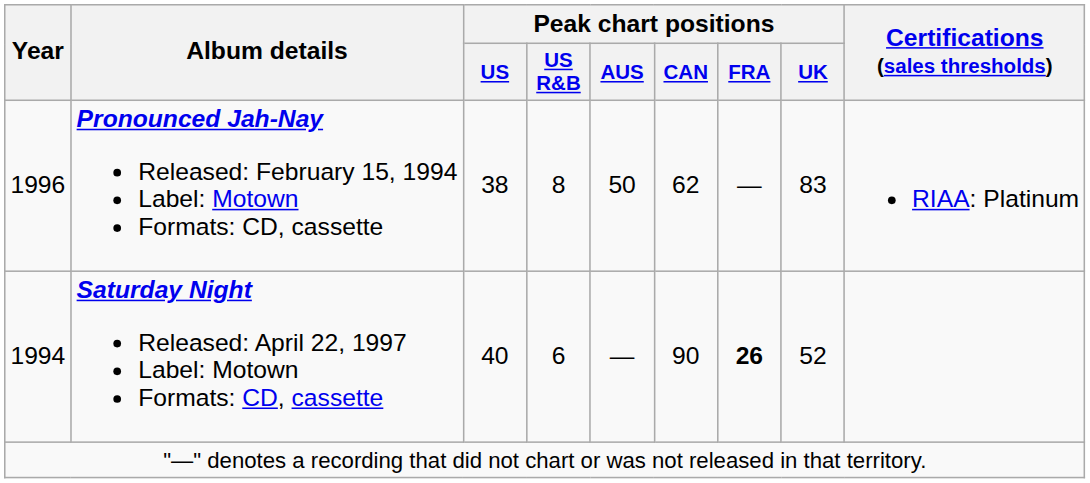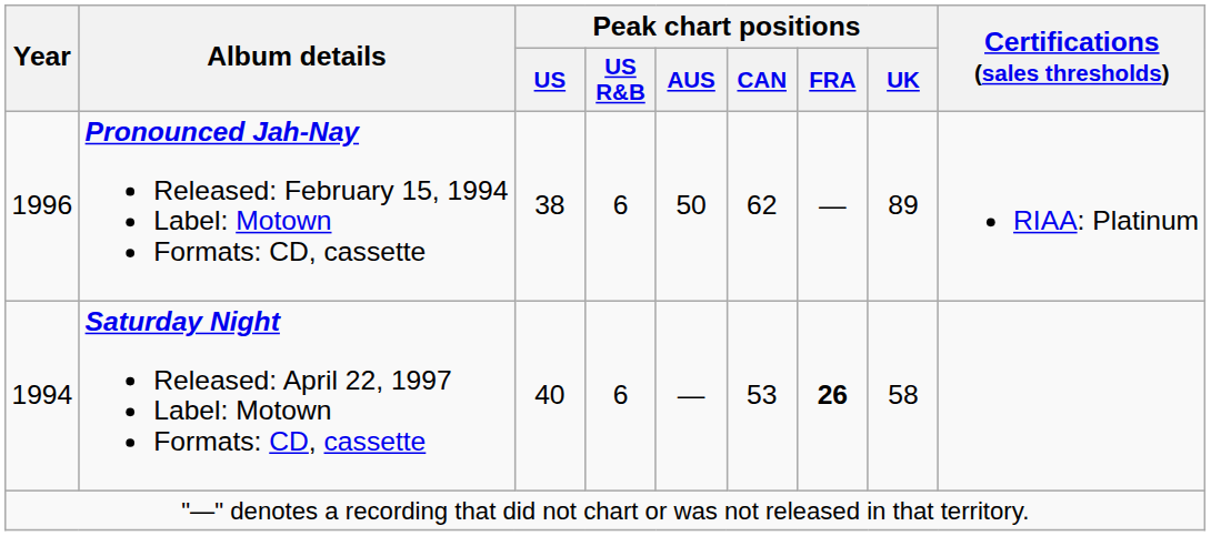 <table class="wikitable" style="text-align:center;">
 <tr>
 <th rowspan="2">Year</th>
 <th rowspan="2">Album details</th>
 <th colspan="6">Peak chart positions</th>
 <th rowspan="2"><a href='#'>Certifications</a><br><small>(<a href='#'>sales thresholds</a>)</small></th>
 </tr>
 <tr style="font-size:smaller;">
 <th style="width:35px;"><a href='#'>US</a><br></th>
 <th style="width:35px;"><a href='#'>US<br>R&B</a><br></th>
 <th style="width:35px;"><a href='#'>AUS</a><br></th>
 <th style="width:35px;"><a href='#'>CAN</a><br></th>
 <th style="width:35px;"><a href='#'>FRA</a><br></th>
 <th style="width:35px;"><a href='#'>UK</a><br></th>
 </tr>
 <tr>
 <td>1996</td>
 <td style="text-align:left;"><strong><em><a href='#'>Pronounced Jah-Nay</a></em></strong><br><ul><li>Released: February 15, 1994</li><li>Label: <a href='#'>Motown</a></li><li>Formats: CD, cassette</li></ul></td>
 <td>38</td>
-<td>8</td>
+<td>6</td>
 <td>50</td>
 <td>62</td>
 <td>—</td>
-<td>83</td>
+<td>89</td>
 <td><br><ul><li><a href='#'>RIAA</a>: Platinum</li></ul></td>
 </tr>
 <tr>
 <td>1994</td>
 <td style="text-align:left;"><strong><em><a href='#'>Saturday Night</a></em></strong><br><ul><li>Released: April 22, 1997</li><li>Label: Motown</li><li>Formats: <a href='#'>CD</a>, <a href='#'>cassette</a></li></ul></td>
 <td>40</td>
 <td>6</td>
 <td>—</td>
-<td>90</td>
+<td>53</td>
 <td><strong>26</strong></td>
-<td>52</td>
+<td>58</td>
 <td></td>
 </tr>
 <tr>
 <td colspan="15" style="font-size:90%">"—" denotes a recording that did not chart or was not released in that territory.</td>
 </tr>
 </table>
